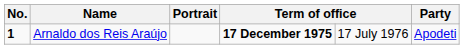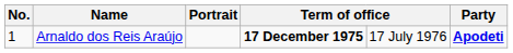 <table class="wikitable">
 <tr>
 <th>No.</th>
 <th>Name</th>
 <th>Portrait</th>
 <th colspan="2">Term of office</th>
 <th>Party</th>
 </tr>
 <tr>
-<td><strong>1</strong></td>
+<td>1</td>
 <td><a href='#'>Arnaldo dos Reis Araújo</a></td>
 <td></td>
 <td><strong>17 December 1975</strong></td>
 <td>17 July 1976</td>
-<td><a href='#'>Apodeti</a></td>
+<td><strong><a href='#'>Apodeti</a></strong></td>
 </tr>
 </table>
